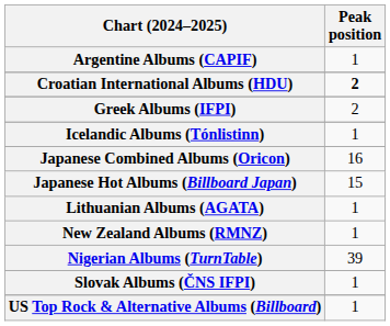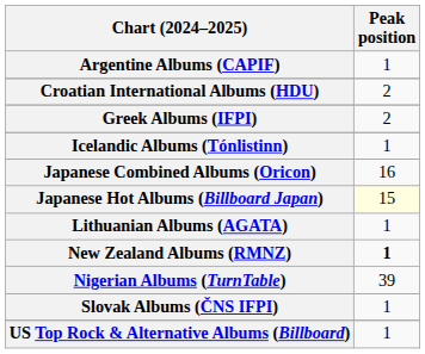 <table class="wikitable sortable plainrowheaders" style="text-align:center">
 <tr>
 <th scope="col">Chart (2024–2025)</th>
 <th scope="col">Peak<br>position</th>
 </tr>
 <tr>
 <th scope="row">Argentine Albums (<a href='#'>CAPIF</a>)</th>
 <td>1</td>
 </tr>
 <tr>
 </tr>
 <tr>
 </tr>
 <tr>
 </tr>
 <tr>
 </tr>
 <tr>
 </tr>
 <tr>
 <th scope="row">Croatian International Albums (<a href='#'>HDU</a>)</th>
-<td><strong>2</strong></td>
+<td>2</td>
 </tr>
 <tr>
 </tr>
 <tr>
 </tr>
 <tr>
 </tr>
 <tr>
 </tr>
 <tr>
 </tr>
 <tr>
 </tr>
 <tr>
 <th scope="row">Greek Albums (<a href='#'>IFPI</a>)</th>
 <td>2</td>
 </tr>
 <tr>
 </tr>
 <tr>
 <th scope="row">Icelandic Albums (<a href='#'>Tónlistinn</a>)</th>
 <td>1</td>
 </tr>
 <tr>
 </tr>
 <tr>
 </tr>
 <tr>
 </tr>
 <tr>
 <th scope="row">Japanese Combined Albums (<a href='#'>Oricon</a>)</th>
 <td>16</td>
 </tr>
 <tr>
 <th scope="row">Japanese Hot Albums (<em><a href='#'>Billboard Japan</a></em>)</th>
-<td>15</td>
+<td style="background: lightyellow;">15</td>
 </tr>
 <tr>
 <th scope="row">Lithuanian Albums (<a href='#'>AGATA</a>)</th>
 <td>1</td>
 </tr>
 <tr>
 <th scope="row">New Zealand Albums (<a href='#'>RMNZ</a>)</th>
-<td>1</td>
+<td><strong>1</strong></td>
 </tr>
 <tr>
 <th scope="row"><a href='#'>Nigerian Albums</a> (<em><a href='#'>TurnTable</a></em>)</th>
 <td>39</td>
 </tr>
 <tr>
 </tr>
 <tr>
 </tr>
 <tr>
 </tr>
 <tr>
 </tr>
 <tr>
 <th scope="row">Slovak Albums (<a href='#'>ČNS IFPI</a>)</th>
 <td>1</td>
 </tr>
 <tr>
 </tr>
 <tr>
 </tr>
 <tr>
 </tr>
 <tr>
 </tr>
 <tr>
 </tr>
 <tr>
 <th scope="row">US <a href='#'>Top Rock & Alternative Albums</a> (<em><a href='#'>Billboard</a></em>)</th>
 <td>1</td>
 </tr>
 </table>
